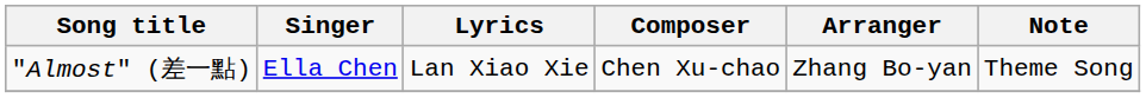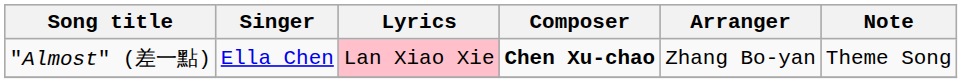 <table class="wikitable">
 <tr>
 <th>Song title</th>
 <th>Singer</th>
 <th>Lyrics</th>
 <th>Composer</th>
 <th>Arranger</th>
 <th>Note</th>
 </tr>
 <tr>
 <td>"<em>Almost</em>" (差一點)</td>
 <td><a href='#'>Ella Chen</a></td>
-<td>Lan Xiao Xie</td>
-<td>Chen Xu-chao</td>
+<td style="background: pink;">Lan Xiao Xie</td>
+<td><strong>Chen Xu-chao</strong></td>
 <td>Zhang Bo-yan</td>
 <td>Theme Song</td>
 </tr>
 <tr>
 </tr>
 </table>
